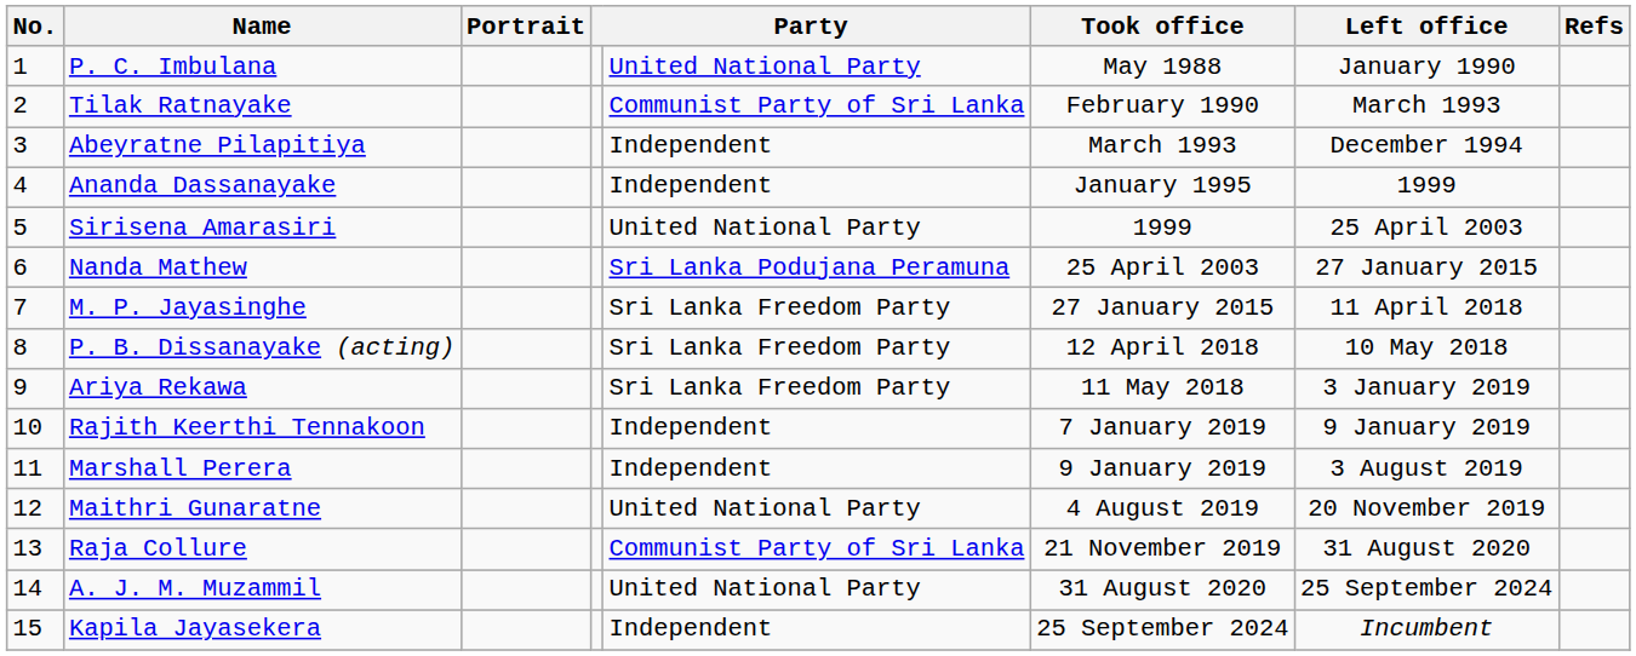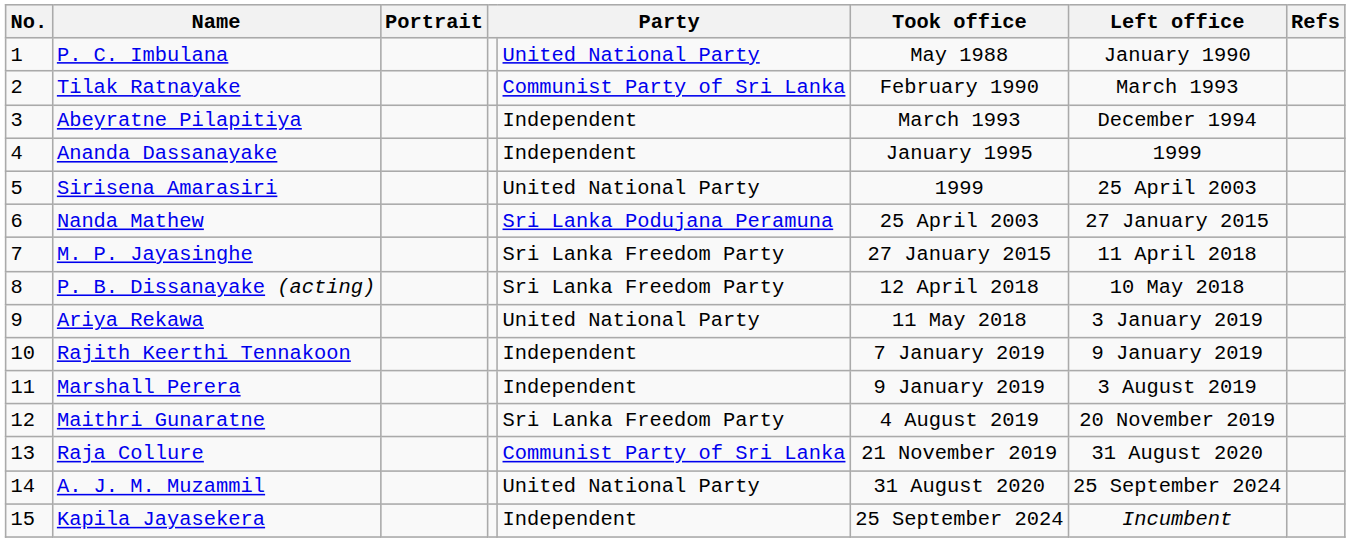 <table class="wikitable plainrowheaders sortable" style="margin:1em auto; font-size:100%; text-align:left;">
 <tr>
 <th>No.</th>
 <th>Name</th>
 <th class=unsortable>Portrait</th>
 <th colspan="2">Party</th>
 <th>Took office</th>
 <th>Left office</th>
 <th class=unsortable>Refs</th>
 </tr>
 <tr>
 <td>1</td>
 <td><a href='#'>P. C. Imbulana</a></td>
 <td></td>
 <td style="background:"></td>
 <td><a href='#'>United National Party</a></td>
 <td align="center">May 1988</td>
 <td align="center">January 1990</td>
 <td align="center"></td>
 </tr>
 <tr>
 <td>2</td>
 <td><a href='#'>Tilak Ratnayake</a></td>
 <td></td>
 <td style="background:"></td>
 <td><a href='#'>Communist Party of Sri Lanka</a></td>
 <td align="center">February 1990</td>
 <td align="center">March 1993</td>
 <td align="center"></td>
 </tr>
 <tr>
 <td>3</td>
 <td><a href='#'>Abeyratne Pilapitiya</a></td>
 <td></td>
 <td style="background:"></td>
 <td>Independent</td>
 <td align="center">March 1993</td>
 <td align="center">December 1994</td>
 <td align="center"></td>
 </tr>
 <tr>
 <td>4</td>
 <td><a href='#'>Ananda Dassanayake</a></td>
 <td></td>
 <td style="background:"></td>
 <td>Independent</td>
 <td align="center">January 1995</td>
 <td align="center">1999</td>
 <td align="center"></td>
 </tr>
 <tr>
 <td>5</td>
 <td><a href='#'>Sirisena Amarasiri</a></td>
 <td></td>
 <td style="background:"></td>
 <td>United National Party</td>
 <td align="center">1999</td>
 <td align="center">25 April 2003</td>
 <td align="center"></td>
 </tr>
 <tr>
 <td>6</td>
 <td><a href='#'>Nanda Mathew</a></td>
 <td></td>
 <td style="background:"></td>
 <td><a href='#'>Sri Lanka Podujana Peramuna</a></td>
 <td align="center">25 April 2003</td>
 <td align="center">27 January 2015</td>
 <td align="center"></td>
 </tr>
 <tr>
 <td>7</td>
 <td><a href='#'>M. P. Jayasinghe</a></td>
 <td></td>
 <td style="background:"></td>
 <td>Sri Lanka Freedom Party</td>
 <td align="center">27 January 2015</td>
 <td align="center">11 April 2018</td>
 <td align="center"></td>
 </tr>
 <tr>
 <td>8</td>
 <td><a href='#'>P. B. Dissanayake</a> <em>(acting)</em></td>
 <td></td>
 <td style="background:"></td>
 <td>Sri Lanka Freedom Party</td>
 <td align="center">12 April 2018</td>
 <td align="center">10 May 2018</td>
 <td align="center"></td>
 </tr>
 <tr>
 <td>9</td>
 <td><a href='#'>Ariya Rekawa</a></td>
 <td></td>
 <td style="background:"></td>
-<td>Sri Lanka Freedom Party</td>
+<td>United National Party</td>
 <td align="center">11 May 2018</td>
 <td align="center">3 January 2019</td>
 <td align="center"></td>
 </tr>
 <tr>
 <td>10</td>
 <td><a href='#'>Rajith Keerthi Tennakoon</a></td>
 <td></td>
 <td style="background:"></td>
 <td>Independent</td>
 <td align="center">7 January 2019</td>
 <td align="center">9 January 2019</td>
 <td align="center"></td>
 </tr>
 <tr>
 <td>11</td>
 <td><a href='#'>Marshall Perera</a></td>
 <td></td>
 <td style="background:"></td>
 <td>Independent</td>
 <td align="center">9 January 2019</td>
 <td align="center">3 August 2019</td>
 <td align="center"></td>
 </tr>
 <tr>
 <td>12</td>
 <td><a href='#'>Maithri Gunaratne</a></td>
 <td></td>
 <td style="background:"></td>
-<td>United National Party</td>
+<td>Sri Lanka Freedom Party</td>
 <td align="center">4 August 2019</td>
 <td align="center">20 November 2019</td>
 <td align="center"></td>
 </tr>
 <tr>
 <td>13</td>
 <td><a href='#'>Raja Collure</a></td>
 <td></td>
 <td style="background:"></td>
 <td><a href='#'>Communist Party of Sri Lanka</a></td>
 <td align="center">21 November 2019</td>
 <td align="center">31 August 2020</td>
 <td align="center"></td>
 </tr>
 <tr>
 <td>14</td>
 <td><a href='#'>A. J. M. Muzammil</a></td>
 <td></td>
 <td style="background:"></td>
 <td>United National Party</td>
 <td align="center">31 August 2020</td>
 <td align="center">25 September 2024</td>
 <td align="center"></td>
 </tr>
 <tr>
 <td>15</td>
 <td><a href='#'>Kapila Jayasekera</a></td>
 <td></td>
 <td style="background:"></td>
 <td>Independent</td>
 <td align="center">25 September 2024</td>
 <td align="center"><em>Incumbent</em></td>
 <td align="center"></td>
 </tr>
 </table>
